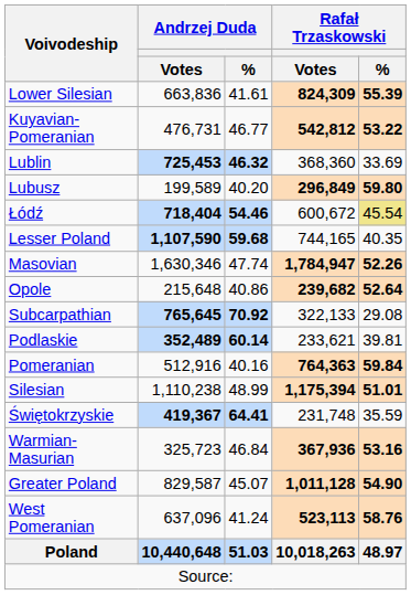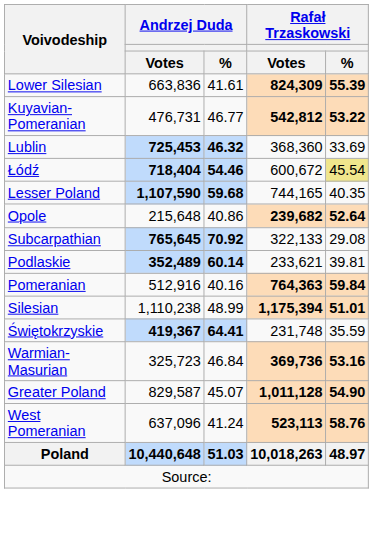 <table class="wikitable sortable" style="text-align:right; font-size:95%">
 <tr style="height:42px; text-align:center; background-color:#E9E9E9;">
 <th rowspan="3" style="width:120px;">Voivodeship</th>
 <th colspan="2" data-sort-type="number" style="width:40px;"><a href='#'>Andrzej Duda</a><br></th>
 <th colspan="2" data-sort-type="number" style="width:40px;"><a href='#'>Rafał Trzaskowski</a><br></th>
 </tr>
 <tr>
 <th colspan="2" style="background:"></th>
 <th colspan="2" style="background:"></th>
 </tr>
 <tr>
 <th>Votes</th>
 <th>%</th>
 <th>Votes</th>
 <th>%</th>
 </tr>
 <tr>
 <td align="left"><a href='#'>Lower Silesian</a></td>
 <td>663,836</td>
 <td>41.61</td>
 <td style="font-weight:bold; background:#FDDCB8">824,309</td>
 <td style="font-weight:bold; background:#FDDCB8">55.39</td>
 </tr>
 <tr>
 <td align="left"><a href='#'>Kuyavian-Pomeranian</a></td>
 <td>476,731</td>
 <td>46.77</td>
 <td style="font-weight:bold; background:#FDDCB8">542,812</td>
 <td style="font-weight:bold; background:#FDDCB8">53.22</td>
 </tr>
 <tr>
 <td align="left"><a href='#'>Lublin</a></td>
 <td style="font-weight:bold; background:#C0DBFC">725,453</td>
 <td style="font-weight:bold; background:#C0DBFC">46.32</td>
 <td>368,360</td>
 <td>33.69</td>
 </tr>
 <tr>
-<td align="left"><a href='#'>Lubusz</a></td>
-<td>199,589</td>
-<td>40.20</td>
-<td style="font-weight:bold; background:#FDDCB8">296,849</td>
-<td style="font-weight:bold; background:#FDDCB8">59.80</td>
-</tr>
-<tr>
 <td align="left"><a href='#'>Łódź</a></td>
 <td style="font-weight:bold; background:#C0DBFC">718,404</td>
 <td style="font-weight:bold; background:#C0DBFC">54.46</td>
 <td>600,672</td>
 <td style="background: khaki;">45.54</td>
 </tr>
 <tr>
 <td align="left"><a href='#'>Lesser Poland</a></td>
 <td style="font-weight:bold; background:#C0DBFC">1,107,590</td>
 <td style="font-weight:bold; background:#C0DBFC">59.68</td>
 <td>744,165</td>
 <td>40.35</td>
-</tr>
-<tr>
-<td align="left"><a href='#'>Masovian</a></td>
-<td>1,630,346</td>
-<td>47.74</td>
-<td style="font-weight:bold; background:#FDDCB8">1,784,947</td>
-<td style="font-weight:bold; background:#FDDCB8">52.26</td>
 </tr>
 <tr>
 <td align="left"><a href='#'>Opole</a></td>
 <td>215,648</td>
 <td>40.86</td>
 <td style="font-weight:bold; background:#FDDCB8">239,682</td>
 <td style="font-weight:bold; background:#FDDCB8">52.64</td>
 </tr>
 <tr>
 <td align="left"><a href='#'>Subcarpathian</a></td>
 <td style="font-weight:bold; background:#C0DBFC">765,645</td>
 <td style="font-weight:bold; background:#C0DBFC">70.92</td>
 <td>322,133</td>
 <td>29.08</td>
 </tr>
 <tr>
 <td align="left"><a href='#'>Podlaskie</a></td>
 <td style="font-weight:bold; background:#C0DBFC">352,489</td>
 <td style="font-weight:bold; background:#C0DBFC">60.14</td>
 <td>233,621</td>
 <td>39.81</td>
 </tr>
 <tr>
 <td align="left"><a href='#'>Pomeranian</a></td>
 <td>512,916</td>
 <td>40.16</td>
 <td style="font-weight:bold; background:#FDDCB8">764,363</td>
 <td style="font-weight:bold; background:#FDDCB8">59.84</td>
 </tr>
 <tr>
 <td align="left"><a href='#'>Silesian</a></td>
 <td>1,110,238</td>
 <td>48.99</td>
 <td style="font-weight:bold; background:#FDDCB8">1,175,394</td>
 <td style="font-weight:bold; background:#FDDCB8">51.01</td>
 </tr>
 <tr>
 <td align="left"><a href='#'>Świętokrzyskie</a></td>
 <td style="font-weight:bold; background:#C0DBFC">419,367</td>
 <td style="font-weight:bold; background:#C0DBFC">64.41</td>
 <td>231,748</td>
 <td>35.59</td>
 </tr>
 <tr>
 <td align="left"><a href='#'>Warmian-Masurian</a></td>
 <td>325,723</td>
 <td>46.84</td>
-<td style="font-weight:bold; background:#FDDCB8">367,936</td>
+<td style="font-weight:bold; background:#FDDCB8">369,736</td>
 <td style="font-weight:bold; background:#FDDCB8">53.16</td>
 </tr>
 <tr>
 <td align="left"><a href='#'>Greater Poland</a></td>
 <td>829,587</td>
 <td>45.07</td>
 <td style="font-weight:bold; background:#FDDCB8">1,011,128</td>
 <td style="font-weight:bold; background:#FDDCB8">54.90</td>
 </tr>
 <tr>
 <td align="left"><a href='#'>West Pomeranian</a></td>
 <td>637,096</td>
 <td>41.24</td>
 <td style="font-weight:bold; background:#FDDCB8">523,113</td>
 <td style="font-weight:bold; background:#FDDCB8">58.76</td>
 </tr>
 <tr class=sortbottom>
 <th>Poland</th>
 <th style="font-weight:bold; background:#C0DBFC">10,440,648</th>
 <th style="font-weight:bold; background:#C0DBFC">51.03</th>
 <th>10,018,263</th>
 <th>48.97</th>
 </tr>
 <tr class=sortbottom>
 <td colspan="5" align="center">Source: </td>
 </tr>
 </table>
